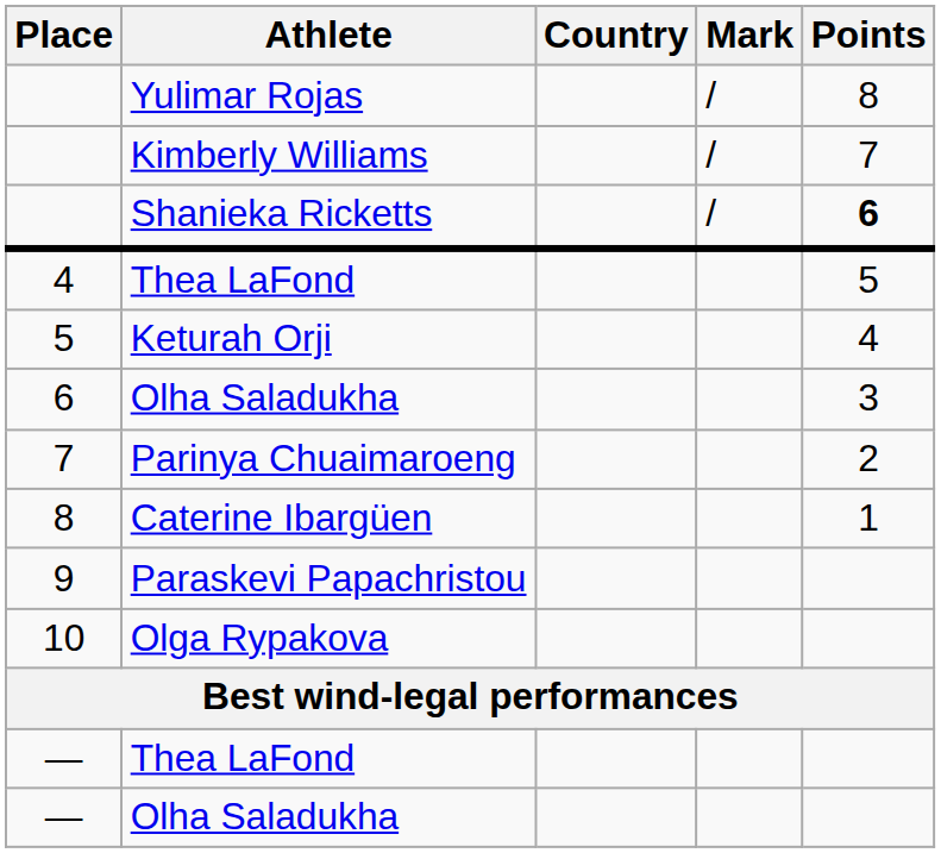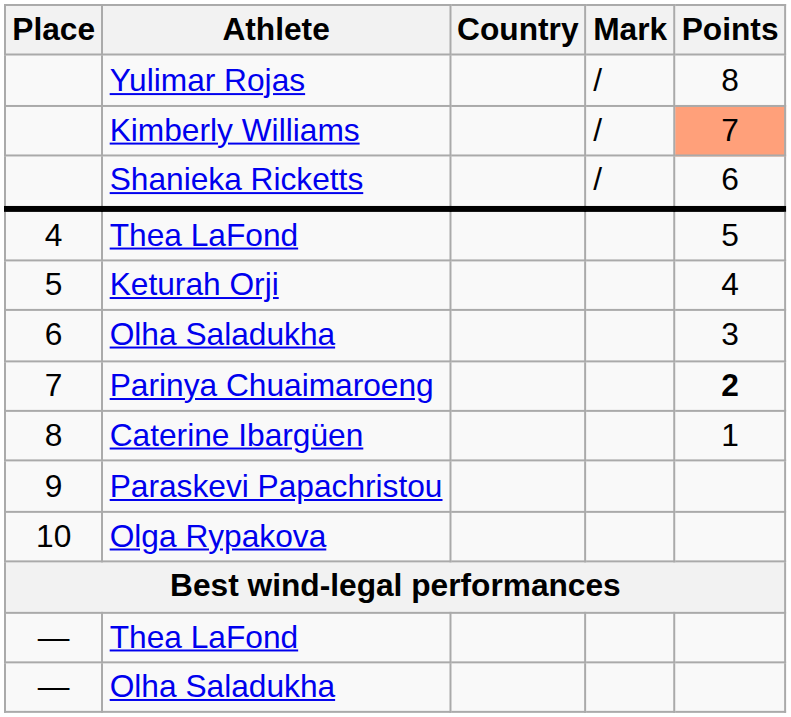 <table class="wikitable">
 <tr>
 <th>Place</th>
 <th>Athlete</th>
 <th>Country</th>
 <th>Mark</th>
 <th>Points</th>
 </tr>
 <tr>
 <td align=center></td>
 <td><a href='#'>Yulimar Rojas</a></td>
 <td></td>
 <td>  /<br><em> </em></td>
 <td align=center>8</td>
 </tr>
 <tr>
 <td align=center></td>
 <td><a href='#'>Kimberly Williams</a></td>
 <td></td>
 <td>  /<br><em> </em></td>
-<td align=center>7</td>
+<td align=center style="background: lightsalmon;">7</td>
 </tr>
 <tr>
 <td align=center></td>
 <td><a href='#'>Shanieka Ricketts</a></td>
 <td></td>
 <td>/<br><em> </em></td>
-<td align=center><strong>6</strong></td>
+<td align=center>6</td>
 </tr>
 <tr style="border-top:3px solid black;">
 <td align=center>4</td>
 <td><a href='#'>Thea LaFond</a></td>
 <td></td>
 <td> </td>
 <td align=center>5</td>
 </tr>
 <tr>
 <td align=center>5</td>
 <td><a href='#'>Keturah Orji</a></td>
 <td></td>
 <td> </td>
 <td align=center>4</td>
 </tr>
 <tr>
 <td align=center>6</td>
 <td><a href='#'>Olha Saladukha</a></td>
 <td></td>
 <td> </td>
 <td align=center>3</td>
 </tr>
 <tr>
 <td align=center>7</td>
 <td><a href='#'>Parinya Chuaimaroeng</a></td>
 <td></td>
 <td> </td>
-<td align=center>2</td>
+<td align=center><strong>2</strong></td>
 </tr>
 <tr>
 <td align=center>8</td>
 <td><a href='#'>Caterine Ibargüen</a></td>
 <td></td>
 <td> </td>
 <td align=center>1</td>
 </tr>
 <tr>
 <td align=center>9</td>
 <td><a href='#'>Paraskevi Papachristou</a></td>
 <td></td>
 <td> </td>
 <td align=center></td>
 </tr>
 <tr>
 <td align=center>10</td>
 <td><a href='#'>Olga Rypakova</a></td>
 <td></td>
 <td> </td>
 <td align=center></td>
 </tr>
 <tr>
 <th align=center colspan=5>Best wind-legal performances</th>
 </tr>
 <tr>
 <td align=center>—</td>
 <td><a href='#'>Thea LaFond</a></td>
 <td></td>
 <td> </td>
 <td align=center></td>
 </tr>
 <tr>
 <td align=center>—</td>
 <td><a href='#'>Olha Saladukha</a></td>
 <td></td>
 <td> </td>
 <td align=center></td>
 </tr>
 </table>
